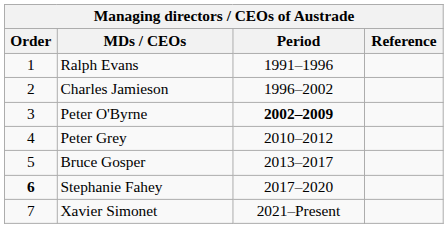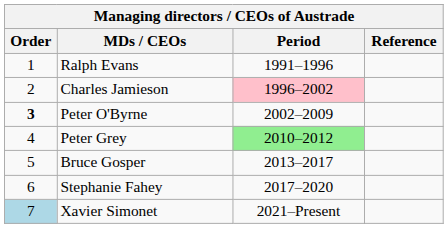 <table class="wikitable">
 <tr>
 <th colspan=4 width=450>Managing directors / CEOs of Austrade</th>
 </tr>
 <tr>
 <th>Order</th>
 <th width=40%>MDs / CEOs</th>
 <th width=30%>Period</th>
 <th>Reference</th>
 </tr>
 <tr>
 <td align=center>1</td>
 <td>Ralph Evans </td>
 <td align=center>1991–1996</td>
 <td></td>
 </tr>
 <tr>
 <td align=center>2</td>
 <td>Charles Jamieson </td>
-<td align=center>1996–2002</td>
+<td align=center style="background: pink;">1996–2002</td>
 <td></td>
 </tr>
 <tr>
-<td align=center>3</td>
+<td align=center><strong>3</strong></td>
 <td>Peter O'Byrne</td>
-<td align=center><strong>2002–2009</strong></td>
+<td align=center>2002–2009</td>
 <td></td>
 </tr>
 <tr>
 <td align=center>4</td>
 <td>Peter Grey</td>
-<td align=center>2010–2012</td>
+<td align=center style="background: lightgreen;">2010–2012</td>
 <td></td>
 </tr>
 <tr>
 <td align=center>5</td>
 <td>Bruce Gosper</td>
 <td align=center>2013–2017</td>
 <td></td>
 </tr>
 <tr>
-<td align=center><strong>6</strong></td>
+<td align=center>6</td>
 <td>Stephanie Fahey</td>
 <td align=center>2017–2020</td>
 <td></td>
 </tr>
 <tr>
-<td align=center>7</td>
+<td align=center style="background: lightblue;">7</td>
 <td>Xavier Simonet</td>
 <td align=center>2021–Present</td>
 <td></td>
 </tr>
 </table>
